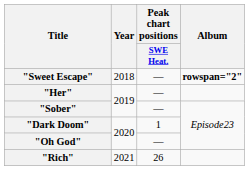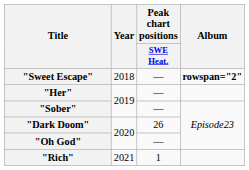 <table class="wikitable plainrowheaders" style="text-align:center;">
 <tr>
 <th scope="col" rowspan="2" style="width:10em;">Title</th>
 <th scope="col" rowspan="2" style="width:1em;">Year</th>
 <th scope="col" colspan="1">Peak chart positions</th>
 <th scope="col" rowspan="2">Album</th>
 </tr>
 <tr>
 <th scope="col" style="width:3em;font-size:85%;"><a href='#'>SWE<br>Heat.</a><br></th>
 </tr>
 <tr>
 <th scope="row">"Sweet Escape"</th>
 <td>2018</td>
 <td>—</td>
 <td><strong>rowspan="2" </strong></td>
 </tr>
 <tr>
 <th scope="row">"Her"</th>
 <td rowspan="2">2019</td>
 <td>—</td>
 </tr>
 <tr>
 <th scope="row">"Sober"</th>
 <td>—</td>
 <td rowspan="3"><em>Episode23</em></td>
 </tr>
 <tr>
 <th scope="row">"Dark Doom"</th>
 <td rowspan="2">2020</td>
-<td>1</td>
+<td>26</td>
 </tr>
 <tr>
 <th scope="row">"Oh God"</th>
 <td>—</td>
 </tr>
 <tr>
 <th scope="row">"Rich"</th>
 <td>2021</td>
-<td>26</td>
+<td>1</td>
 <td></td>
 </tr>
 </table>
